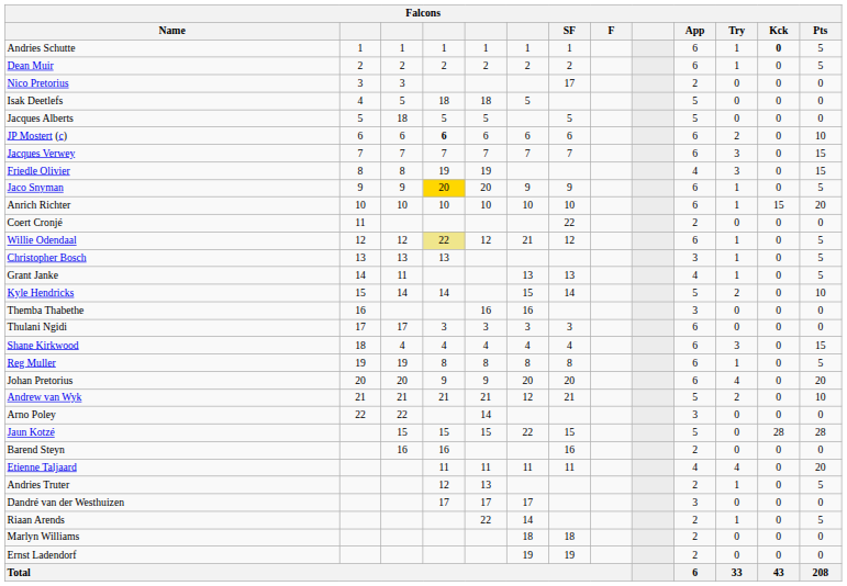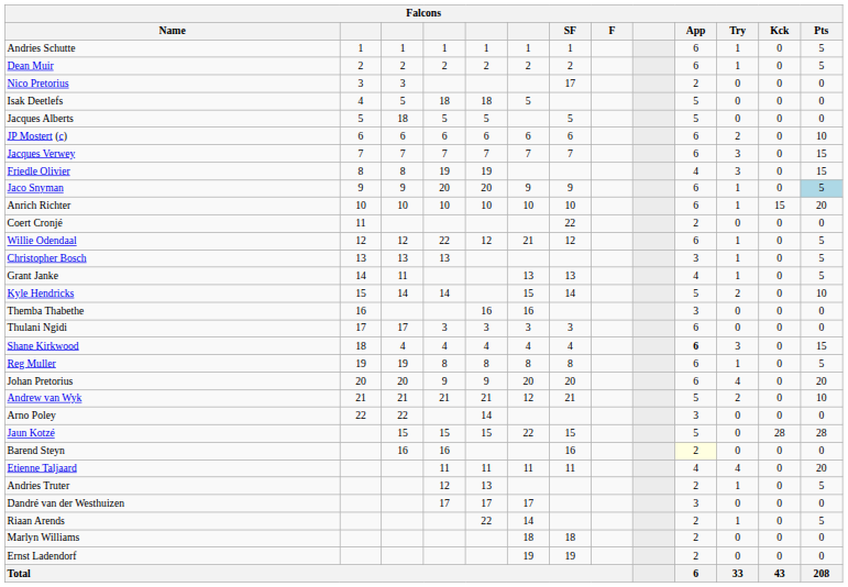 <table class="wikitable collapsible collapsed sortable" style="text-align:center; font-size:90%; width:90%">
 <tr>
 <th colspan="100%">Falcons</th>
 </tr>
 <tr>
 <th style="width:40%;">Name</th>
 <th style="width:5%;"></th>
 <th style="width:5%;"></th>
 <th style="width:5%;"></th>
 <th style="width:5%;"></th>
 <th style="width:5%;"></th>
 <th style="width:5%;">SF</th>
 <th style="width:5%;">F</th>
 <th style="width:5%;"></th>
 <th style="width:5%;">App</th>
 <th style="width:5%;">Try</th>
 <th style="width:5%;">Kck</th>
 <th style="width:5%;">Pts</th>
 </tr>
 <tr>
 <td style="text-align:left;">Andries Schutte</td>
 <td>1</td>
 <td>1</td>
 <td>1</td>
 <td>1</td>
 <td>1</td>
 <td>1</td>
 <td></td>
 <td style="background:#ECECEC;"></td>
 <td>6</td>
 <td>1</td>
-<td><strong>0</strong></td>
+<td>0</td>
 <td>5</td>
 </tr>
 <tr>
 <td style="text-align:left;"><a href='#'>Dean Muir</a></td>
 <td>2</td>
 <td>2</td>
 <td>2</td>
 <td>2</td>
 <td>2</td>
 <td>2</td>
 <td></td>
 <td style="background:#ECECEC;"></td>
 <td>6</td>
 <td>1</td>
 <td>0</td>
 <td>5</td>
 </tr>
 <tr>
 <td style="text-align:left;"><a href='#'>Nico Pretorius</a></td>
 <td>3</td>
 <td>3</td>
 <td></td>
 <td></td>
 <td></td>
 <td>17</td>
 <td></td>
 <td style="background:#ECECEC;"></td>
 <td>2</td>
 <td>0</td>
 <td>0</td>
 <td>0</td>
 </tr>
 <tr>
 <td style="text-align:left;">Isak Deetlefs</td>
 <td>4</td>
 <td>5</td>
 <td>18 </td>
 <td>18 </td>
 <td>5</td>
 <td></td>
 <td></td>
 <td style="background:#ECECEC;"></td>
 <td>5</td>
 <td>0</td>
 <td>0</td>
 <td>0</td>
 </tr>
 <tr>
 <td style="text-align:left;">Jacques Alberts</td>
 <td>5</td>
 <td>18 </td>
 <td>5</td>
 <td>5</td>
 <td></td>
 <td>5</td>
 <td></td>
 <td style="background:#ECECEC;"></td>
 <td>5</td>
 <td>0</td>
 <td>0</td>
 <td>0</td>
 </tr>
 <tr>
 <td style="text-align:left;"><a href='#'>JP Mostert</a> (<a href='#'>c</a>)</td>
 <td>6</td>
 <td>6</td>
-<td><strong>6</strong></td>
+<td>6</td>
 <td>6</td>
 <td>6</td>
 <td>6</td>
 <td></td>
 <td style="background:#ECECEC;"></td>
 <td>6</td>
 <td>2</td>
 <td>0</td>
 <td>10</td>
 </tr>
 <tr>
 <td style="text-align:left;"><a href='#'>Jacques Verwey</a></td>
 <td>7</td>
 <td>7</td>
 <td>7</td>
 <td>7</td>
 <td>7</td>
 <td>7</td>
 <td></td>
 <td style="background:#ECECEC;"></td>
 <td>6</td>
 <td>3</td>
 <td>0</td>
 <td>15</td>
 </tr>
 <tr>
 <td style="text-align:left;"><a href='#'>Friedle Olivier</a></td>
 <td>8</td>
 <td>8</td>
 <td>19 </td>
 <td>19 </td>
 <td></td>
 <td></td>
 <td></td>
 <td style="background:#ECECEC;"></td>
 <td>4</td>
 <td>3</td>
 <td>0</td>
 <td>15</td>
 </tr>
 <tr>
 <td style="text-align:left;"><a href='#'>Jaco Snyman</a></td>
 <td>9</td>
 <td>9</td>
-<td style="background: gold;">20 </td>
+<td>20 </td>
 <td>20 </td>
 <td>9</td>
 <td>9</td>
 <td></td>
 <td style="background:#ECECEC;"></td>
 <td>6</td>
 <td>1</td>
 <td>0</td>
-<td>5</td>
+<td style="background: lightblue;">5</td>
 </tr>
 <tr>
 <td style="text-align:left;">Anrich Richter</td>
 <td>10</td>
 <td>10</td>
 <td>10</td>
 <td>10</td>
 <td>10</td>
 <td>10</td>
 <td></td>
 <td style="background:#ECECEC;"></td>
 <td>6</td>
 <td>1</td>
 <td>15</td>
 <td>20</td>
 </tr>
 <tr>
 <td style="text-align:left;">Coert Cronjé</td>
 <td>11</td>
 <td></td>
 <td></td>
 <td></td>
 <td></td>
 <td>22 </td>
 <td></td>
 <td style="background:#ECECEC;"></td>
 <td>2</td>
 <td>0</td>
 <td>0</td>
 <td>0</td>
 </tr>
 <tr>
 <td style="text-align:left;"><a href='#'>Willie Odendaal</a></td>
 <td>12</td>
 <td>12</td>
-<td style="background: khaki;">22 </td>
+<td>22 </td>
 <td>12</td>
 <td>21 </td>
 <td>12</td>
 <td></td>
 <td style="background:#ECECEC;"></td>
 <td>6</td>
 <td>1</td>
 <td>0</td>
 <td>5</td>
 </tr>
 <tr>
 <td style="text-align:left;"><a href='#'>Christopher Bosch</a></td>
 <td>13</td>
 <td>13</td>
 <td>13</td>
 <td></td>
 <td></td>
 <td></td>
 <td></td>
 <td style="background:#ECECEC;"></td>
 <td>3</td>
 <td>1</td>
 <td>0</td>
 <td>5</td>
 </tr>
 <tr>
 <td style="text-align:left;">Grant Janke</td>
 <td>14</td>
 <td>11</td>
 <td></td>
 <td></td>
 <td>13</td>
 <td>13</td>
 <td></td>
 <td style="background:#ECECEC;"></td>
 <td>4</td>
 <td>1</td>
 <td>0</td>
 <td>5</td>
 </tr>
 <tr>
 <td style="text-align:left;"><a href='#'>Kyle Hendricks</a></td>
 <td>15</td>
 <td>14</td>
 <td>14</td>
 <td></td>
 <td>15</td>
 <td>14</td>
 <td></td>
 <td style="background:#ECECEC;"></td>
 <td>5</td>
 <td>2</td>
 <td>0</td>
 <td>10</td>
 </tr>
 <tr>
 <td style="text-align:left;">Themba Thabethe</td>
 <td>16 </td>
 <td></td>
 <td></td>
 <td>16 </td>
 <td>16 </td>
 <td></td>
 <td></td>
 <td style="background:#ECECEC;"></td>
 <td>3</td>
 <td>0</td>
 <td>0</td>
 <td>0</td>
 </tr>
 <tr>
 <td style="text-align:left;">Thulani Ngidi</td>
 <td>17 </td>
 <td>17 </td>
 <td>3</td>
 <td>3</td>
 <td>3</td>
 <td>3</td>
 <td></td>
 <td style="background:#ECECEC;"></td>
 <td>6</td>
 <td>0</td>
 <td>0</td>
 <td>0</td>
 </tr>
 <tr>
 <td style="text-align:left;"><a href='#'>Shane Kirkwood</a></td>
 <td>18 </td>
 <td>4</td>
 <td>4</td>
 <td>4</td>
 <td>4</td>
 <td>4</td>
 <td></td>
 <td style="background:#ECECEC;"></td>
-<td>6</td>
+<td><strong>6</strong></td>
 <td>3</td>
 <td>0</td>
 <td>15</td>
 </tr>
 <tr>
 <td style="text-align:left;"><a href='#'>Reg Muller</a></td>
 <td>19 </td>
 <td>19 </td>
 <td>8</td>
 <td>8</td>
 <td>8</td>
 <td>8</td>
 <td></td>
 <td style="background:#ECECEC;"></td>
 <td>6</td>
 <td>1</td>
 <td>0</td>
 <td>5</td>
 </tr>
 <tr>
 <td style="text-align:left;">Johan Pretorius</td>
 <td>20 </td>
 <td>20 </td>
 <td>9</td>
 <td>9</td>
 <td>20 </td>
 <td>20 </td>
 <td></td>
 <td style="background:#ECECEC;"></td>
 <td>6</td>
 <td>4</td>
 <td>0</td>
 <td>20</td>
 </tr>
 <tr>
 <td style="text-align:left;"><a href='#'>Andrew van Wyk</a></td>
 <td>21</td>
 <td>21 </td>
 <td>21 </td>
 <td>21 </td>
 <td>12</td>
 <td>21 </td>
 <td></td>
 <td style="background:#ECECEC;"></td>
 <td>5</td>
 <td>2</td>
 <td>0</td>
 <td>10</td>
 </tr>
 <tr>
 <td style="text-align:left;">Arno Poley</td>
 <td>22 </td>
 <td>22 </td>
 <td></td>
 <td>14</td>
 <td></td>
 <td></td>
 <td></td>
 <td style="background:#ECECEC;"></td>
 <td>3</td>
 <td>0</td>
 <td>0</td>
 <td>0</td>
 </tr>
 <tr>
 <td style="text-align:left;"><a href='#'>Jaun Kotzé</a></td>
 <td></td>
 <td>15</td>
 <td>15</td>
 <td>15</td>
 <td>22 </td>
 <td>15</td>
 <td></td>
 <td style="background:#ECECEC;"></td>
 <td>5</td>
 <td>0</td>
 <td>28</td>
 <td>28</td>
 </tr>
 <tr>
 <td style="text-align:left;">Barend Steyn</td>
 <td></td>
 <td>16 </td>
 <td>16 </td>
 <td></td>
 <td></td>
 <td>16</td>
 <td></td>
 <td style="background:#ECECEC;"></td>
-<td>2</td>
+<td style="background: lightyellow;">2</td>
 <td>0</td>
 <td>0</td>
 <td>0</td>
 </tr>
 <tr>
 <td style="text-align:left;"><a href='#'>Etienne Taljaard</a></td>
 <td></td>
 <td></td>
 <td>11</td>
 <td>11</td>
 <td>11</td>
 <td>11</td>
 <td></td>
 <td style="background:#ECECEC;"></td>
 <td>4</td>
 <td>4</td>
 <td>0</td>
 <td>20</td>
 </tr>
 <tr>
 <td style="text-align:left;">Andries Truter</td>
 <td></td>
 <td></td>
 <td>12</td>
 <td>13</td>
 <td></td>
 <td></td>
 <td></td>
 <td style="background:#ECECEC;"></td>
 <td>2</td>
 <td>1</td>
 <td>0</td>
 <td>5</td>
 </tr>
 <tr>
 <td style="text-align:left;">Dandré van der Westhuizen</td>
 <td></td>
 <td></td>
 <td>17 </td>
 <td>17 </td>
 <td>17 </td>
 <td></td>
 <td></td>
 <td style="background:#ECECEC;"></td>
 <td>3</td>
 <td>0</td>
 <td>0</td>
 <td>0</td>
 </tr>
 <tr>
 <td style="text-align:left;">Riaan Arends</td>
 <td></td>
 <td></td>
 <td></td>
 <td>22 </td>
 <td>14</td>
 <td></td>
 <td></td>
 <td style="background:#ECECEC;"></td>
 <td>2</td>
 <td>1</td>
 <td>0</td>
 <td>5</td>
 </tr>
 <tr>
 <td style="text-align:left;">Marlyn Williams</td>
 <td></td>
 <td></td>
 <td></td>
 <td></td>
 <td>18 </td>
 <td>18 </td>
 <td></td>
 <td style="background:#ECECEC;"></td>
 <td>2</td>
 <td>0</td>
 <td>0</td>
 <td>0</td>
 </tr>
 <tr>
 <td style="text-align:left;">Ernst Ladendorf</td>
 <td></td>
 <td></td>
 <td></td>
 <td></td>
 <td>19 </td>
 <td>19 </td>
 <td></td>
 <td style="background:#ECECEC;"></td>
 <td>2</td>
 <td>0</td>
 <td>0</td>
 <td>0</td>
 </tr>
 <tr>
 <th colspan="8" style="text-align:left;">Total</th>
 <th style="background:#ECECEC;"></th>
 <th>6</th>
 <th>33</th>
 <th>43</th>
 <th>208</th>
 </tr>
 </table>
